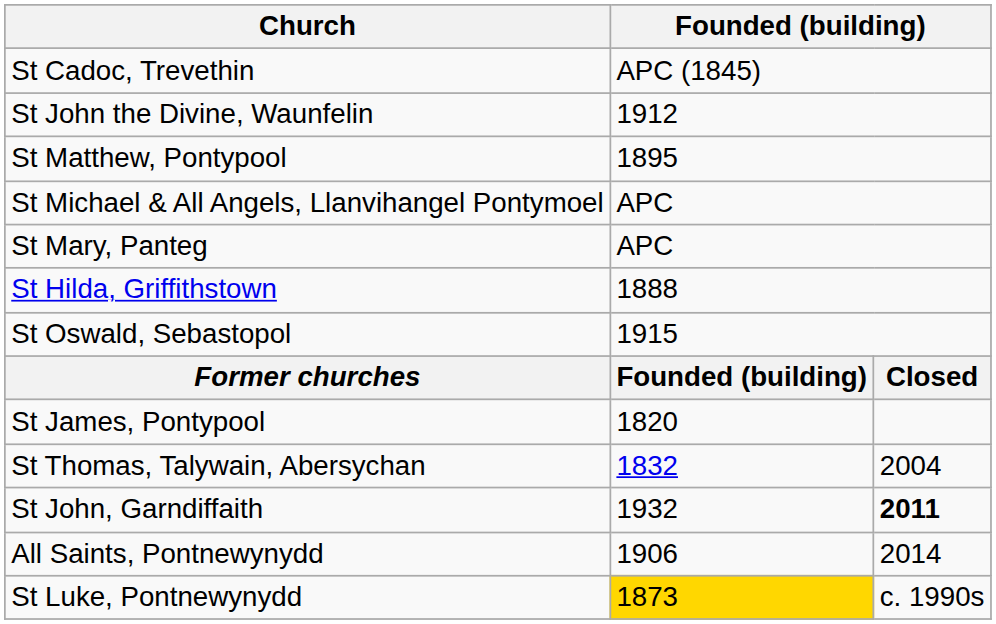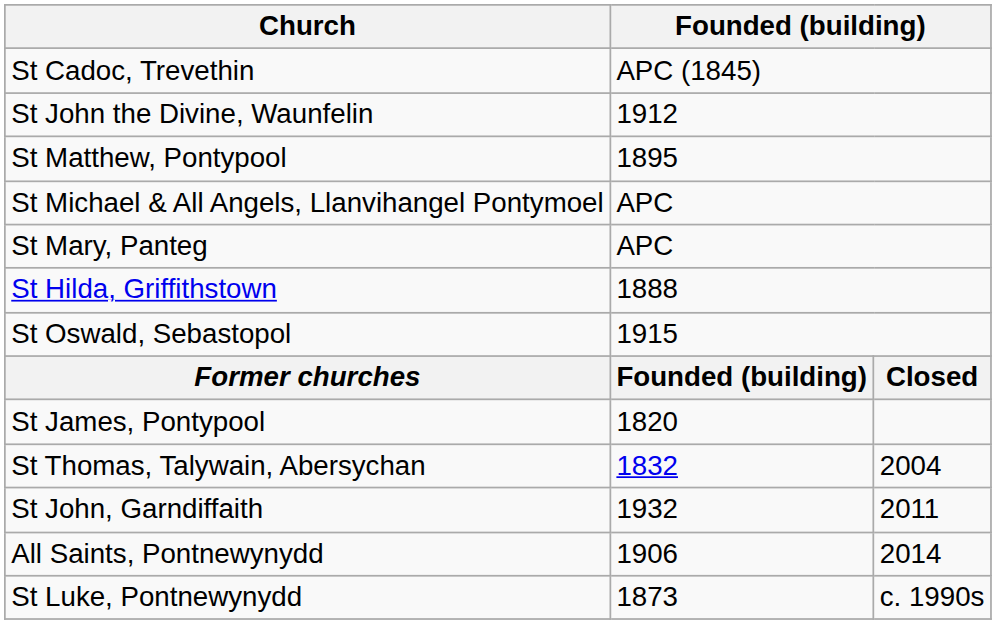 <table class="wikitable">
 <tr>
 <th>Church</th>
 <th colspan="2">Founded (building)</th>
 </tr>
 <tr>
 <td>St Cadoc, Trevethin</td>
 <td colspan="2">APC (1845)</td>
 </tr>
 <tr>
 <td>St John the Divine, Waunfelin</td>
 <td colspan="2">1912</td>
 </tr>
 <tr>
 <td>St Matthew, Pontypool</td>
 <td colspan="2">1895</td>
 </tr>
 <tr>
 <td>St Michael & All Angels, Llanvihangel Pontymoel</td>
 <td colspan="2">APC</td>
 </tr>
 <tr>
 <td>St Mary, Panteg</td>
 <td colspan="2">APC</td>
 </tr>
 <tr>
 <td><a href='#'>St Hilda, Griffithstown</a></td>
 <td colspan="2">1888</td>
 </tr>
 <tr>
 <td>St Oswald, Sebastopol</td>
 <td colspan="2">1915</td>
 </tr>
 <tr>
 <th><em>Former churches</em></th>
 <th>Founded (building)</th>
 <th>Closed</th>
 </tr>
 <tr>
 <td>St James, Pontypool</td>
 <td>1820</td>
 <td></td>
 </tr>
 <tr>
 <td>St Thomas, Talywain, Abersychan</td>
 <td><a href='#'>1832</a></td>
 <td>2004</td>
 </tr>
 <tr>
 <td>St John, Garndiffaith</td>
 <td>1932</td>
-<td><strong>2011</strong></td>
+<td>2011</td>
 </tr>
 <tr>
 <td>All Saints, Pontnewynydd</td>
 <td>1906</td>
 <td>2014</td>
 </tr>
 <tr>
 <td>St Luke, Pontnewynydd</td>
-<td style="background: gold;">1873</td>
+<td>1873</td>
 <td>c. 1990s</td>
 </tr>
 </table>
